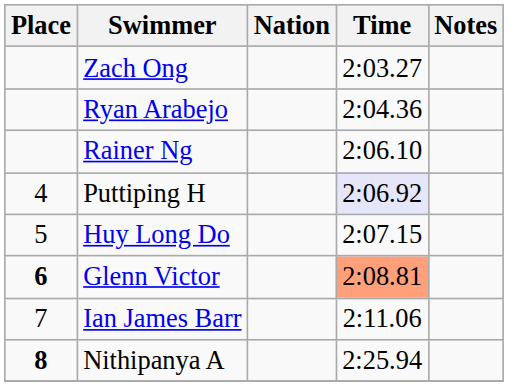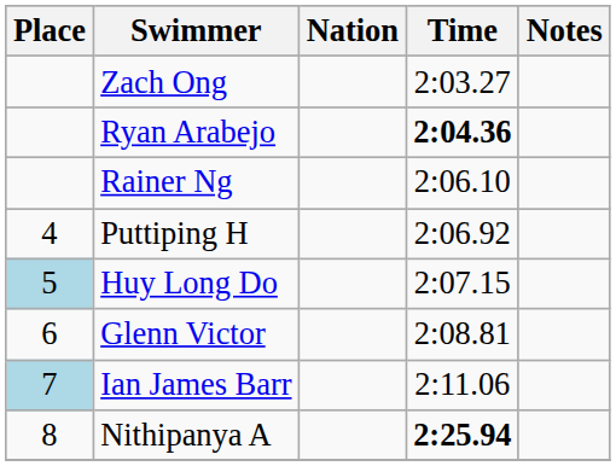 <table class="wikitable sortable" style="text-align:center">
 <tr>
 <th>Place</th>
 <th>Swimmer</th>
 <th>Nation</th>
 <th>Time</th>
 <th>Notes</th>
 </tr>
 <tr>
 <td></td>
 <td align=left><a href='#'>Zach Ong</a></td>
 <td align=left></td>
 <td>2:03.27</td>
 <td></td>
 </tr>
 <tr>
 <td></td>
 <td align=left><a href='#'>Ryan Arabejo</a></td>
 <td align=left></td>
-<td>2:04.36</td>
+<td><strong>2:04.36</strong></td>
 <td></td>
 </tr>
 <tr>
 <td></td>
 <td align=left><a href='#'>Rainer Ng</a></td>
 <td align=left></td>
 <td>2:06.10</td>
 <td></td>
 </tr>
 <tr>
 <td>4</td>
 <td align=left>Puttiping H</td>
 <td align=left></td>
-<td style="background: lavender;">2:06.92</td>
+<td>2:06.92</td>
 <td></td>
 </tr>
 <tr>
-<td>5</td>
+<td style="background: lightblue;">5</td>
 <td align=left><a href='#'>Huy Long Do</a></td>
 <td align=left></td>
 <td>2:07.15</td>
 <td></td>
 </tr>
 <tr>
-<td><strong>6</strong></td>
+<td>6</td>
 <td align=left><a href='#'>Glenn Victor</a></td>
 <td align=left></td>
-<td style="background: lightsalmon;">2:08.81</td>
+<td>2:08.81</td>
 <td></td>
 </tr>
 <tr>
-<td>7</td>
+<td style="background: lightblue;">7</td>
 <td align=left><a href='#'>Ian James Barr</a></td>
 <td align=left></td>
 <td>2:11.06</td>
 <td></td>
 </tr>
 <tr>
-<td><strong>8</strong></td>
+<td>8</td>
 <td align=left>Nithipanya A</td>
 <td align=left></td>
-<td>2:25.94</td>
+<td><strong>2:25.94</strong></td>
 <td></td>
 </tr>
 <tr>
 </tr>
 </table>
